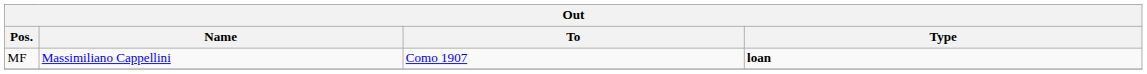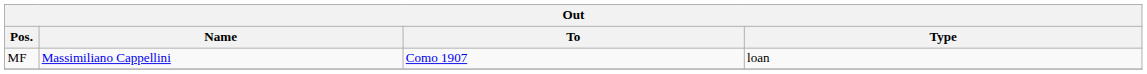 <table class="wikitable" style="font-size:90%;width:99%;">
 <tr>
 <th colspan="4">Out</th>
 </tr>
 <tr>
 <th width=3%>Pos.</th>
 <th width=32%>Name</th>
 <th width=30%>To</th>
 <th width=35%>Type</th>
 </tr>
 <tr>
 <td>MF</td>
 <td><a href='#'>Massimiliano Cappellini</a></td>
 <td><a href='#'>Como 1907</a></td>
-<td><strong>loan</strong></td>
+<td>loan</td>
 </tr>
 <tr>
 </tr>
 </table>
